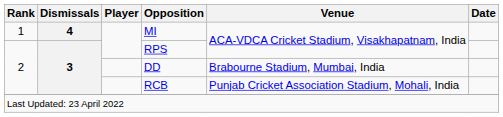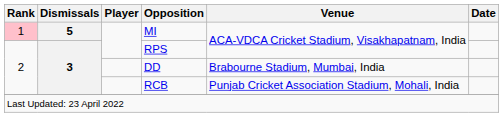 <table class="wikitable">
 <tr>
 <th style="text-align:center;">Rank</th>
 <th style="text-align:center;">Dismissals</th>
 <th style="text-align:center;">Player</th>
 <th style="text-align:center;">Opposition</th>
 <th style="text-align:center;">Venue</th>
 <th style="text-align:center;">Date</th>
 </tr>
 <tr>
-<td align=center>1</td>
-<th scope=row style=text-align:center;>4</th>
+<td align=center style="background: pink;">1</td>
+<th scope=row style=text-align:center;>5</th>
 <td rowspan=2></td>
 <td><a href='#'>MI</a></td>
 <td rowspan=2><a href='#'>ACA-VDCA Cricket Stadium</a>, <a href='#'>Visakhapatnam</a>, India</td>
 <td></td>
 </tr>
 <tr>
 <td align=center rowspan=3>2</td>
 <th scope=row style=text-align:center; rowspan=3>3</th>
 <td><a href='#'>RPS</a></td>
 <td></td>
 </tr>
 <tr>
 <td></td>
 <td><a href='#'>DD</a></td>
 <td><a href='#'>Brabourne Stadium</a>, <a href='#'>Mumbai</a>, India</td>
 <td></td>
 </tr>
 <tr>
 <td></td>
 <td><a href='#'>RCB</a></td>
 <td><a href='#'>Punjab Cricket Association Stadium</a>, <a href='#'>Mohali</a>, India</td>
 <td></td>
 </tr>
 <tr>
 </tr>
 <tr class=sortbottom>
 <td colspan=6><small>Last Updated: 23 April 2022</small></td>
 </tr>
 </table>
